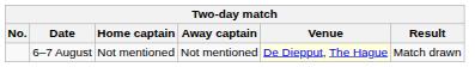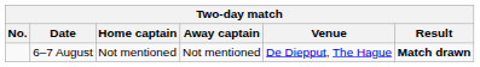 <table class="wikitable">
 <tr>
 <th colspan="9">Two-day match</th>
 </tr>
 <tr>
 <th>No.</th>
 <th>Date</th>
 <th>Home captain</th>
 <th>Away captain</th>
 <th>Venue</th>
 <th>Result</th>
 </tr>
 <tr>
 <td></td>
 <td>6–7 August</td>
 <td>Not mentioned</td>
 <td>Not mentioned</td>
-<td style="background: lightyellow;"><a href='#'>De Diepput</a>, <a href='#'>The Hague</a></td>
-<td>Match drawn</td>
+<td><a href='#'>De Diepput</a>, <a href='#'>The Hague</a></td>
+<td><strong>Match drawn</strong></td>
 </tr>
 </table>
